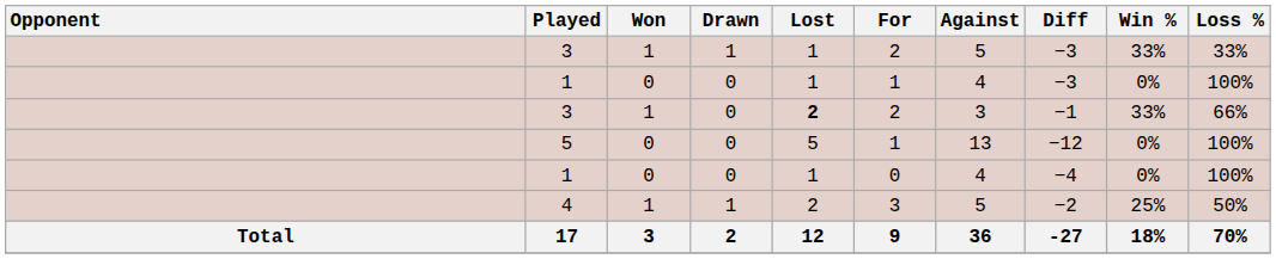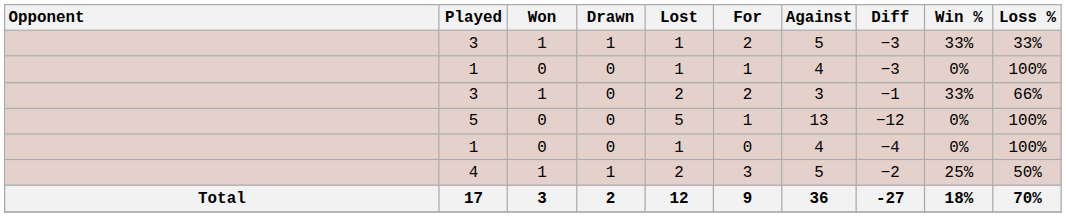 <table class="wikitable sortable" style="text-align:center;">
 <tr>
 <th style="width:350px; text-align:left;">Opponent</th>
 <th style="width:50px;">Played</th>
 <th style="width:50px;">Won</th>
 <th style="width:50px;">Drawn</th>
 <th style="width:50px;">Lost</th>
 <th style="width:50px;">For</th>
 <th style="width:50px;">Against</th>
 <th style="width:50px;">Diff</th>
 <th style="width:50px;">Win %</th>
 <th style="width:50px;">Loss %</th>
 </tr>
 <tr style="background:#e5d1cb;">
 <td align=left></td>
 <td>3</td>
 <td>1</td>
 <td>1</td>
 <td>1</td>
 <td>2</td>
 <td>5</td>
 <td>−3</td>
 <td>33%</td>
 <td>33%</td>
 </tr>
 <tr style="background:#e5d1cb;">
 <td align=left></td>
 <td>1</td>
 <td>0</td>
 <td>0</td>
 <td>1</td>
 <td>1</td>
 <td>4</td>
 <td>−3</td>
 <td>0%</td>
 <td>100%</td>
 </tr>
 <tr style="background:#e5d1cb;">
 <td align=left></td>
 <td>3</td>
 <td>1</td>
 <td>0</td>
-<td><strong>2</strong></td>
+<td>2</td>
 <td>2</td>
 <td>3</td>
 <td>−1</td>
 <td>33%</td>
 <td>66%</td>
 </tr>
 <tr style="background:#e5d1cb;">
 <td align=left></td>
 <td>5</td>
 <td>0</td>
 <td>0</td>
 <td>5</td>
 <td>1</td>
 <td>13</td>
 <td>−12</td>
 <td>0%</td>
 <td>100%</td>
 </tr>
 <tr style="background:#e5d1cb;">
 <td align=left></td>
 <td>1</td>
 <td>0</td>
 <td>0</td>
 <td>1</td>
 <td>0</td>
 <td>4</td>
 <td>−4</td>
 <td>0%</td>
 <td>100%</td>
 </tr>
 <tr style="background:#e5d1cb;">
 <td align=left></td>
 <td>4</td>
 <td>1</td>
 <td>1</td>
 <td>2</td>
 <td>3</td>
 <td>5</td>
 <td>−2</td>
 <td>25%</td>
 <td>50%</td>
 </tr>
 <tr style="background:#e5d1cb;">
 <th>Total</th>
 <th>17</th>
 <th>3</th>
 <th>2</th>
 <th>12</th>
 <th>9</th>
 <th>36</th>
 <th>-27</th>
 <th>18%</th>
 <th>70%</th>
 </tr>
 <tr>
 </tr>
 </table>
